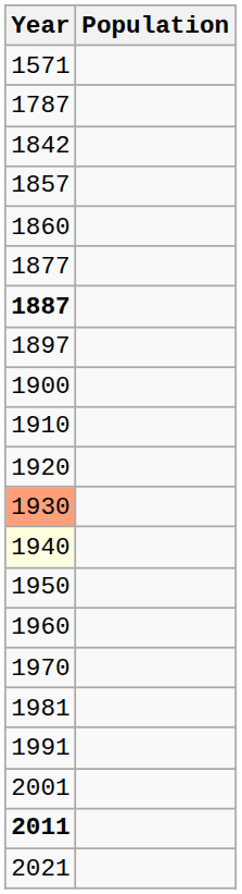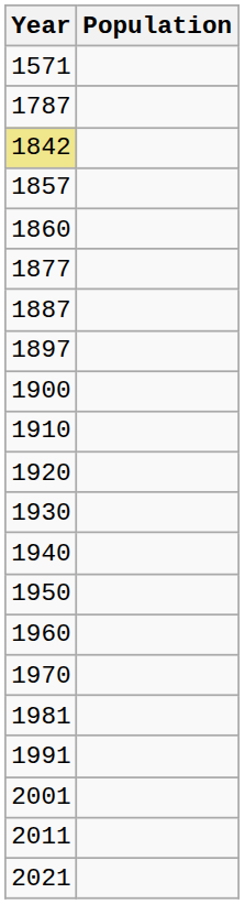 <table class="wikitable">
 <tr>
 <th>Year</th>
 <th colspan="2">Population</th>
 </tr>
 <tr>
 <td>1571</td>
 <td></td>
 </tr>
 <tr>
 <td>1787</td>
 <td></td>
 </tr>
 <tr>
-<td>1842</td>
+<td style="background: khaki;">1842</td>
 <td></td>
 </tr>
 <tr>
 <td>1857</td>
 <td></td>
 </tr>
 <tr>
 <td>1860</td>
 <td></td>
 </tr>
 <tr>
 <td>1877</td>
 <td></td>
 </tr>
 <tr>
-<td><strong>1887</strong></td>
+<td>1887</td>
 <td></td>
 </tr>
 <tr>
 <td>1897</td>
 <td></td>
 </tr>
 <tr>
 <td>1900</td>
 <td></td>
 </tr>
 <tr>
 <td>1910</td>
 <td></td>
 </tr>
 <tr>
 <td>1920</td>
 <td></td>
 </tr>
 <tr>
-<td style="background: lightsalmon;">1930</td>
+<td>1930</td>
 <td></td>
 </tr>
 <tr>
-<td style="background: lightyellow;">1940</td>
+<td>1940</td>
 <td></td>
 </tr>
 <tr>
 <td>1950</td>
 <td></td>
 </tr>
 <tr>
 <td>1960</td>
 <td></td>
 </tr>
 <tr>
 <td>1970</td>
 <td></td>
 </tr>
 <tr>
 <td>1981</td>
 <td></td>
 </tr>
 <tr>
 <td>1991</td>
 <td></td>
 </tr>
 <tr>
 <td>2001</td>
 <td></td>
 </tr>
 <tr>
-<td><strong>2011</strong></td>
+<td>2011</td>
 <td></td>
 </tr>
 <tr>
 <td>2021</td>
 <td></td>
 </tr>
 </table>
